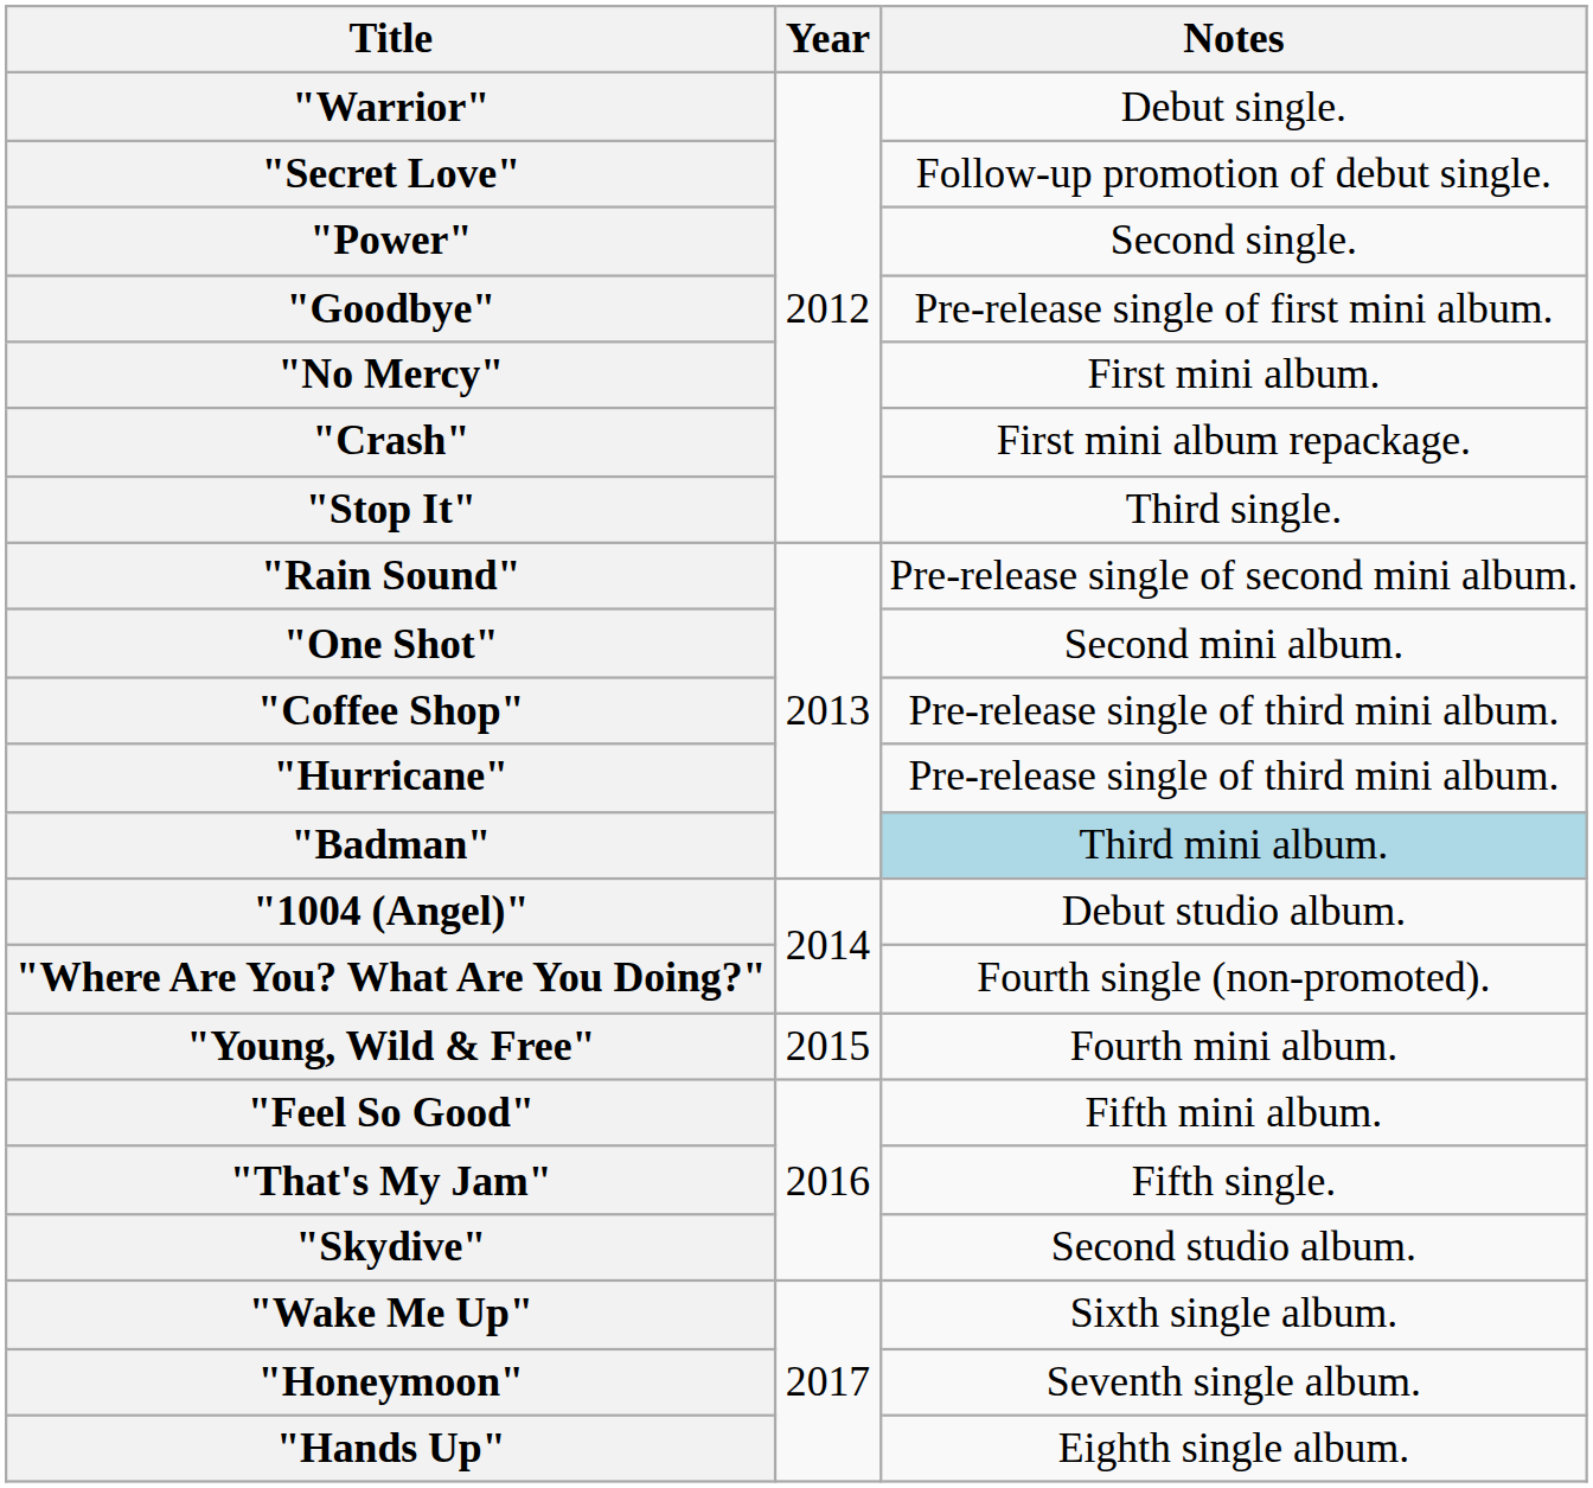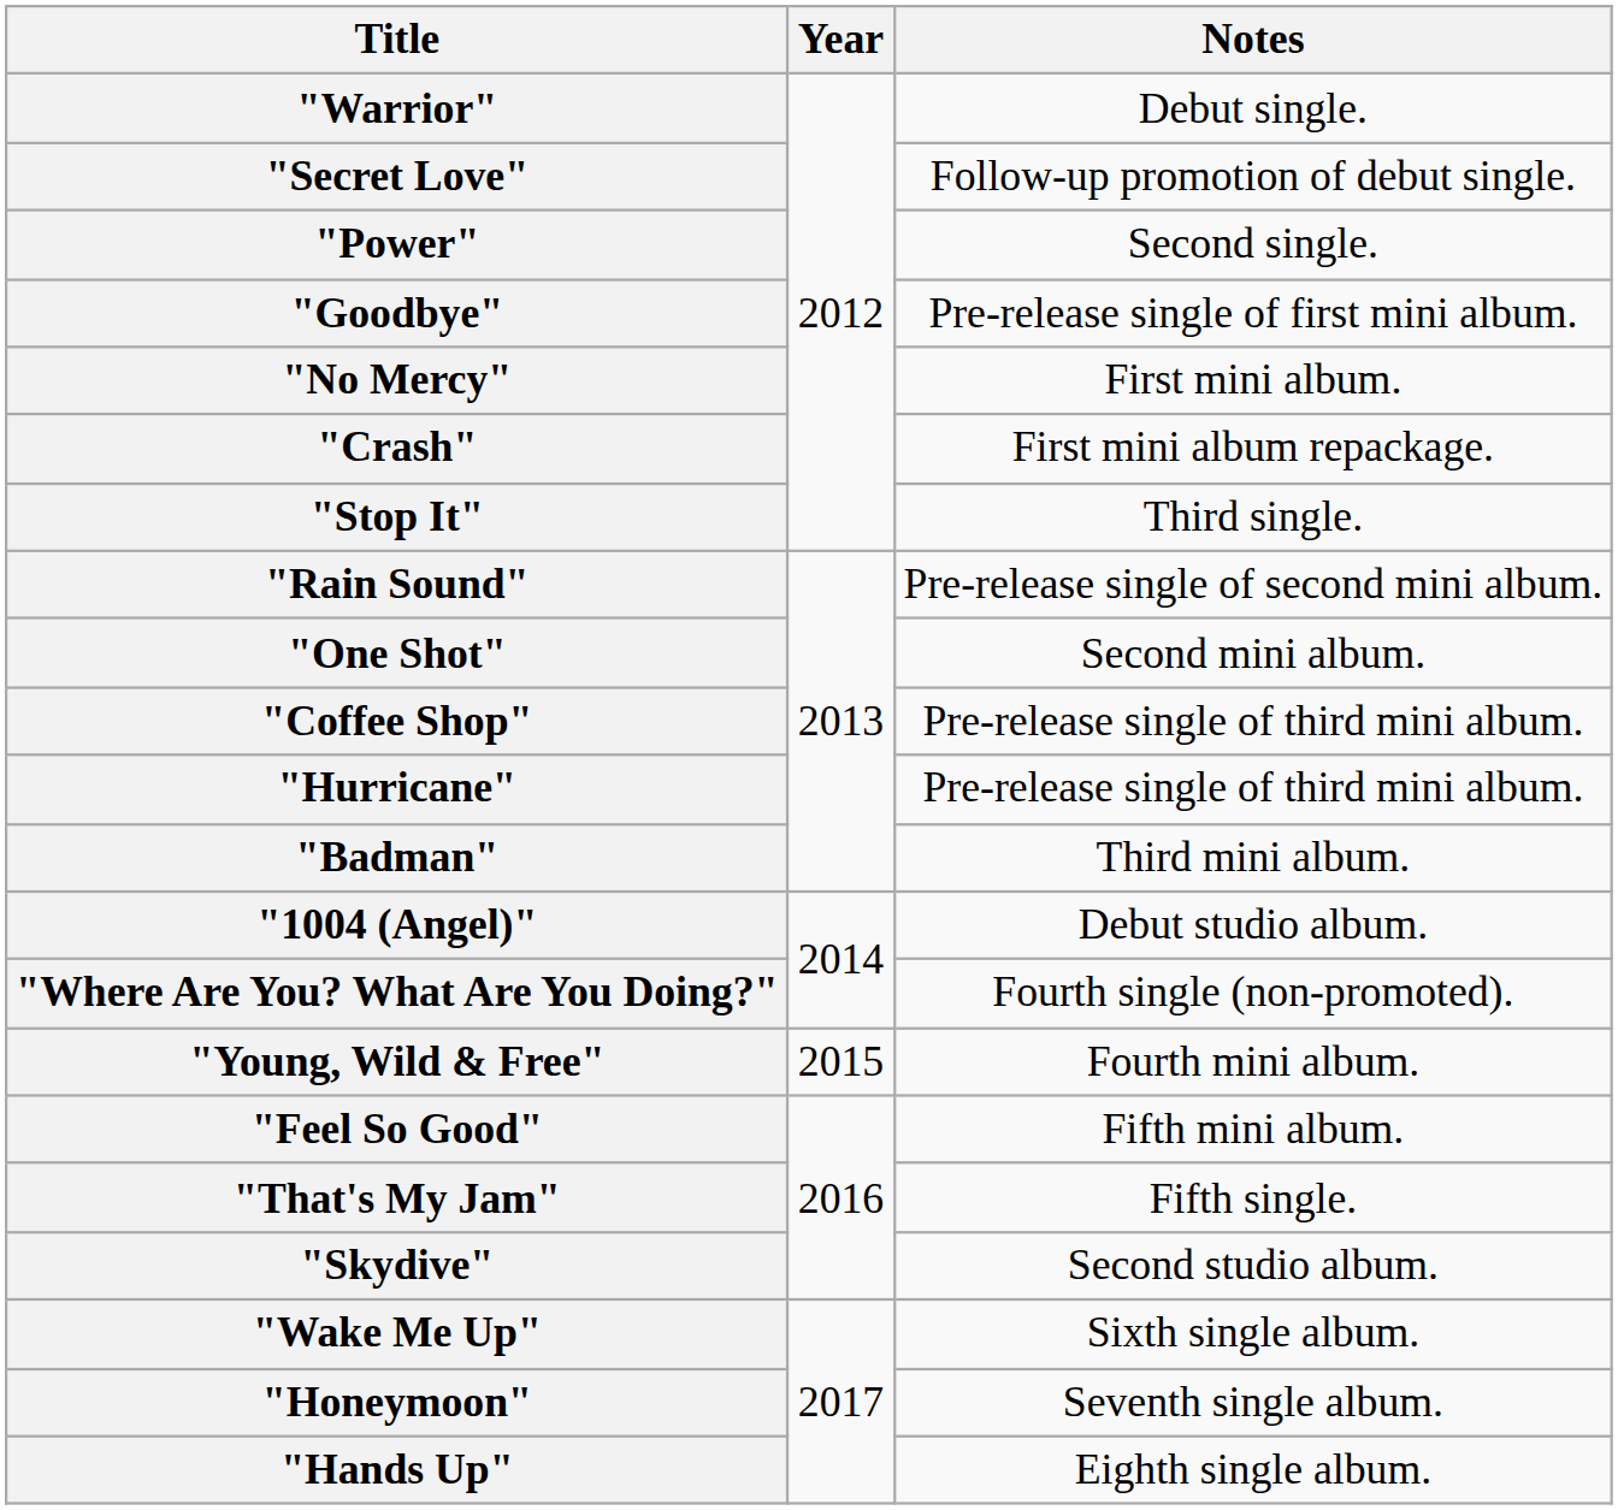 <table class="wikitable plainrowheaders" style="text-align:center">
 <tr>
 <th scope="col">Title</th>
 <th scope="col">Year</th>
 <th scope="col">Notes</th>
 </tr>
 <tr>
 <th scope="row">"Warrior"</th>
 <td rowspan="7">2012</td>
 <td>Debut single.</td>
 </tr>
 <tr>
 <th scope="row">"Secret Love"</th>
 <td>Follow-up promotion of debut single.</td>
 </tr>
 <tr>
 <th scope="row">"Power"</th>
 <td>Second single.</td>
 </tr>
 <tr>
 <th scope="row">"Goodbye"</th>
 <td>Pre-release single of first mini album.</td>
 </tr>
 <tr>
 <th scope="row">"No Mercy"</th>
 <td>First mini album.</td>
 </tr>
 <tr>
 <th scope="row">"Crash"</th>
 <td>First mini album repackage.</td>
 </tr>
 <tr>
 <th scope="row">"Stop It"</th>
 <td>Third single.</td>
 </tr>
 <tr>
 <th scope="row">"Rain Sound"</th>
 <td rowspan="5">2013</td>
 <td>Pre-release single of second mini album.</td>
 </tr>
 <tr>
 <th scope="row">"One Shot"</th>
 <td>Second mini album.</td>
 </tr>
 <tr>
 <th scope="row">"Coffee Shop"</th>
 <td>Pre-release single of third mini album.</td>
 </tr>
 <tr>
 <th scope="row">"Hurricane"</th>
 <td>Pre-release single of third mini album.</td>
 </tr>
 <tr>
 <th scope="row">"Badman"</th>
-<td style="background: lightblue;">Third mini album.</td>
+<td>Third mini album.</td>
 </tr>
 <tr>
 <th scope="row">"1004 (Angel)"</th>
 <td rowspan="2">2014</td>
 <td>Debut studio album.</td>
 </tr>
 <tr>
 <th scope="row">"Where Are You? What Are You Doing?"</th>
 <td>Fourth single (non-promoted).</td>
 </tr>
 <tr>
 <th scope="row">"Young, Wild & Free"</th>
 <td>2015</td>
 <td>Fourth mini album.</td>
 </tr>
 <tr>
 <th scope="row">"Feel So Good"</th>
 <td rowspan="3">2016</td>
 <td>Fifth mini album.</td>
 </tr>
 <tr>
 <th scope="row">"That's My Jam"</th>
 <td>Fifth single.</td>
 </tr>
 <tr>
 <th scope="row">"Skydive"</th>
 <td>Second studio album.</td>
 </tr>
 <tr>
 <th scope="row">"Wake Me Up"</th>
 <td rowspan="3">2017</td>
 <td>Sixth single album.</td>
 </tr>
 <tr>
 <th scope="row">"Honeymoon"</th>
 <td>Seventh single album.</td>
 </tr>
 <tr>
 <th scope="row">"Hands Up"</th>
 <td>Eighth single album.</td>
 </tr>
 </table>
